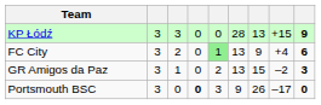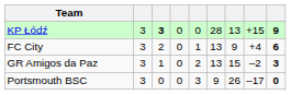 <table class="wikitable" style="text-align: center;">
 <tr>
 <th width="185">Team</th>
 <th width="20"></th>
 <th width="20"></th>
 <th width="20"></th>
 <th width="20"></th>
 <th width="20"></th>
 <th width="20"></th>
 <th width="25"></th>
 <th width="20"></th>
 </tr>
 <tr bgcolor=#ccffcc>
 <td align=left> <a href='#'>KP Łódź</a></td>
 <td>3</td>
-<td>3</td>
+<td><strong>3</strong></td>
 <td>0</td>
 <td>0</td>
 <td>28</td>
 <td>13</td>
 <td>+15</td>
 <td><strong>9</strong></td>
 </tr>
 <tr>
 <td align=left> FC City</td>
 <td>3</td>
 <td>2</td>
 <td>0</td>
-<td style="background: lightgreen;">1</td>
+<td>1</td>
 <td>13</td>
 <td>9</td>
 <td>+4</td>
 <td><strong>6</strong></td>
 </tr>
 <tr>
 <td align=left> GR Amigos da Paz</td>
 <td>3</td>
 <td>1</td>
 <td>0</td>
 <td>2</td>
 <td>13</td>
 <td>15</td>
 <td>–2</td>
 <td><strong>3</strong></td>
 </tr>
 <tr>
 <td align=left> Portsmouth BSC</td>
 <td>3</td>
 <td>0</td>
-<td><strong>0</strong></td>
+<td>0</td>
 <td>3</td>
 <td>9</td>
 <td>26</td>
 <td>–17</td>
 <td><strong>0</strong></td>
 </tr>
 </table>
